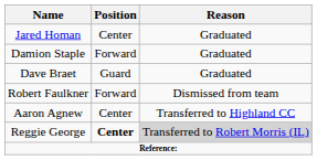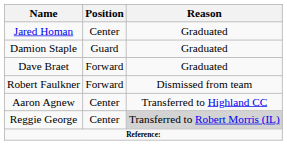 <table class="wikitable" style="text-align: center">
 <tr align=center>
 <th>Name</th>
 <th>Position</th>
 <th>Reason</th>
 </tr>
 <tr>
 <td><a href='#'>Jared Homan</a></td>
 <td>Center</td>
 <td>Graduated</td>
 </tr>
 <tr>
 <td>Damion Staple</td>
-<td>Forward</td>
+<td>Guard</td>
 <td>Graduated</td>
 </tr>
 <tr>
 <td>Dave Braet</td>
-<td>Guard</td>
+<td>Forward</td>
 <td>Graduated</td>
 </tr>
 <tr>
 <td>Robert Faulkner</td>
 <td>Forward</td>
 <td>Dismissed from team</td>
 </tr>
 <tr>
 <td>Aaron Agnew</td>
 <td>Center</td>
 <td>Transferred to <a href='#'>Highland CC</a></td>
 </tr>
 <tr>
 <td>Reggie George</td>
-<td><strong>Center</strong></td>
+<td>Center</td>
 <td style="background: lightgrey;">Transferred to <a href='#'>Robert Morris (IL)</a></td>
 </tr>
 <tr>
 <td colspan="6"  style="font-size:8pt; text-align:center;"><strong>Reference:</strong></td>
 </tr>
 </table>
